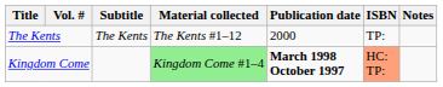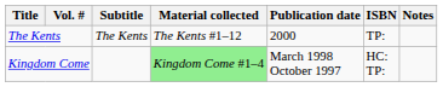 <table class="wikitable">
 <tr>
 <th>Title</th>
 <th>Vol. #</th>
 <th>Subtitle</th>
 <th>Material collected</th>
 <th>Publication date</th>
 <th>ISBN</th>
 <th>Notes</th>
 </tr>
 <tr>
 <td colspan="2"><em><a href='#'>The Kents</a></em></td>
 <td><em>The Kents</em></td>
 <td><em>The Kents</em> #1–12</td>
 <td>2000</td>
 <td>TP: </td>
 <td></td>
 </tr>
 <tr>
 <td colspan="2"><em><a href='#'>Kingdom Come</a></em></td>
 <td></td>
 <td style="background: lightgreen;"><em>Kingdom Come</em> #1–4</td>
-<td><strong>March 1998<br>October 1997</strong></td>
-<td style="background: lightsalmon;">HC: <br>TP: </td>
+<td>March 1998<br>October 1997</td>
+<td>HC: <br>TP: </td>
 <td></td>
 </tr>
 </table>
